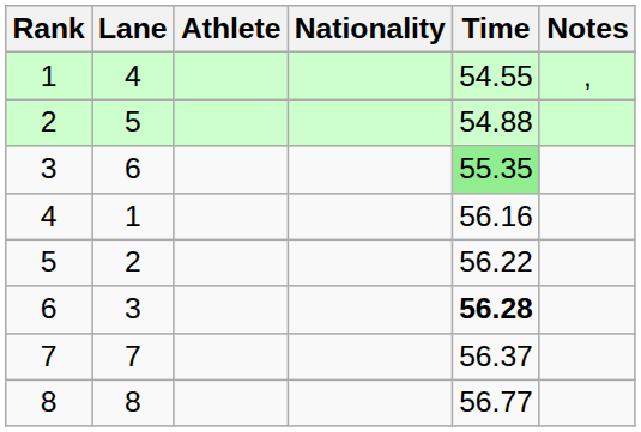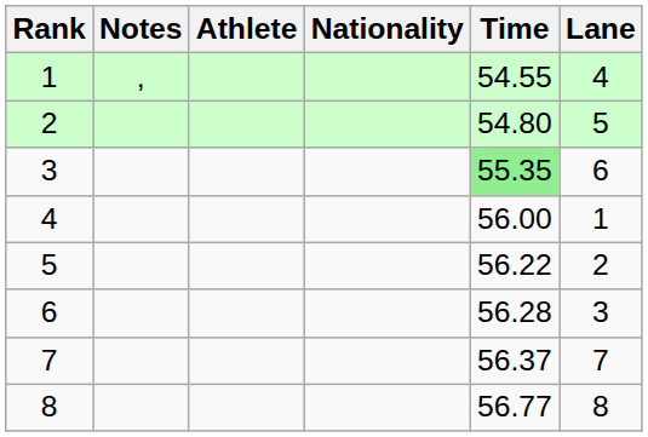 <table class="wikitable sortable" style="text-align:center">
 <tr>
 <th>Rank</th>
-<th>Lane</th>
+<th class=unsortable>Notes</th>
 <th>Athlete</th>
 <th>Nationality</th>
 <th>Time</th>
-<th class=unsortable>Notes</th>
+<th>Lane</th>
 </tr>
 <tr bgcolor=ccffcc>
 <td>1</td>
-<td>4</td>
+<td>, </td>
 <td align=left></td>
 <td align=left></td>
 <td>54.55</td>
-<td>, </td>
+<td>4</td>
 </tr>
 <tr bgcolor=ccffcc>
 <td>2</td>
-<td>5</td>
+<td></td>
 <td align=left></td>
 <td align=left></td>
-<td>54.88</td>
-<td></td>
+<td>54.80</td>
+<td>5</td>
 </tr>
 <tr>
 <td>3</td>
-<td>6</td>
+<td></td>
 <td align=left></td>
 <td align=left></td>
 <td style="background: lightgreen;">55.35</td>
-<td></td>
+<td>6</td>
 </tr>
 <tr>
 <td>4</td>
-<td>1</td>
+<td></td>
 <td align=left></td>
 <td align=left></td>
-<td>56.16</td>
-<td></td>
+<td>56.00</td>
+<td>1</td>
 </tr>
 <tr>
 <td>5</td>
-<td>2</td>
+<td></td>
 <td align=left></td>
 <td align=left></td>
 <td>56.22</td>
-<td></td>
+<td>2</td>
 </tr>
 <tr>
 <td>6</td>
-<td>3</td>
+<td></td>
 <td align=left></td>
 <td align=left></td>
-<td><strong>56.28</strong></td>
-<td></td>
+<td>56.28</td>
+<td>3</td>
 </tr>
 <tr>
 <td>7</td>
-<td>7</td>
+<td></td>
 <td align=left></td>
 <td align=left></td>
 <td>56.37</td>
-<td></td>
+<td>7</td>
 </tr>
 <tr>
 <td>8</td>
-<td>8</td>
+<td></td>
 <td align=left></td>
 <td align=left></td>
 <td>56.77</td>
-<td></td>
+<td>8</td>
 </tr>
 </table>
